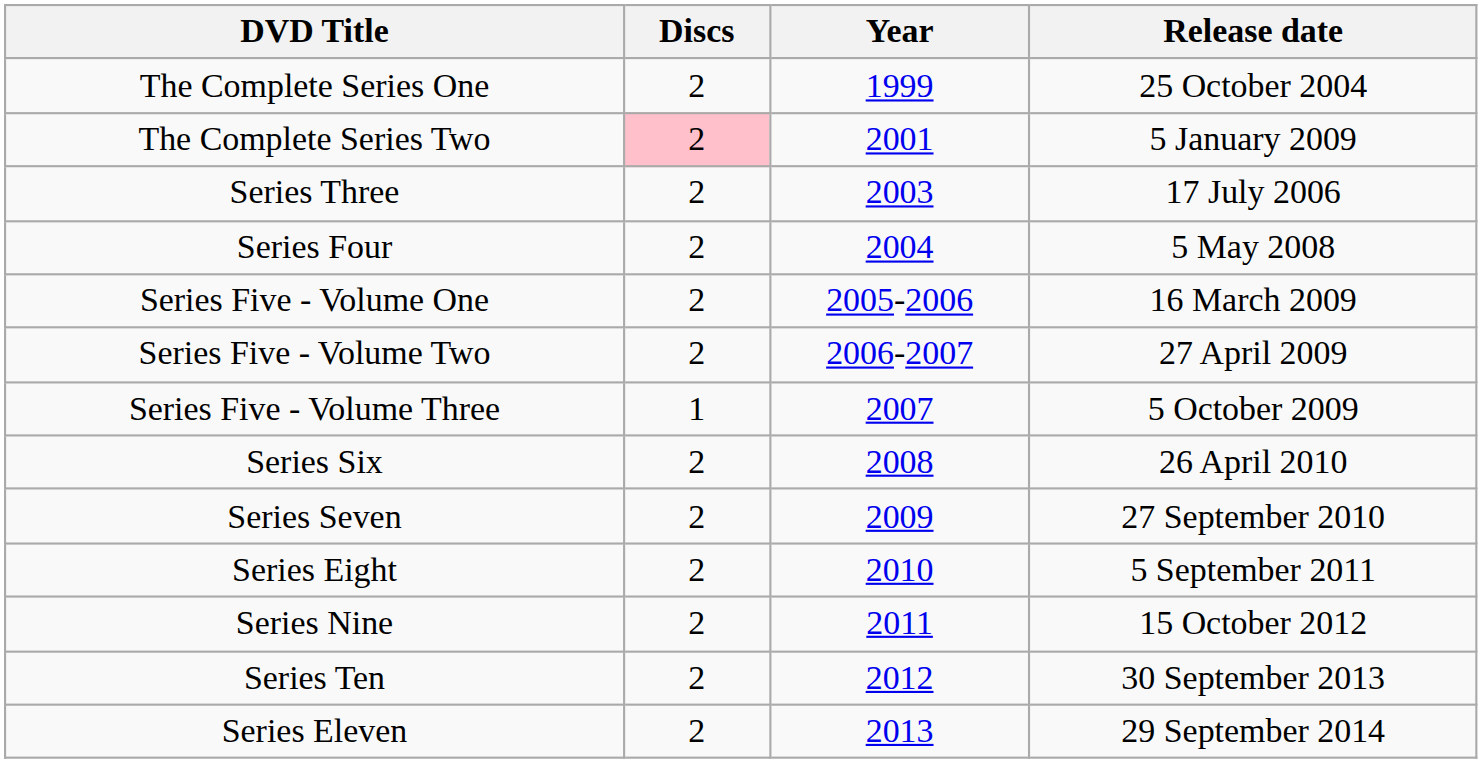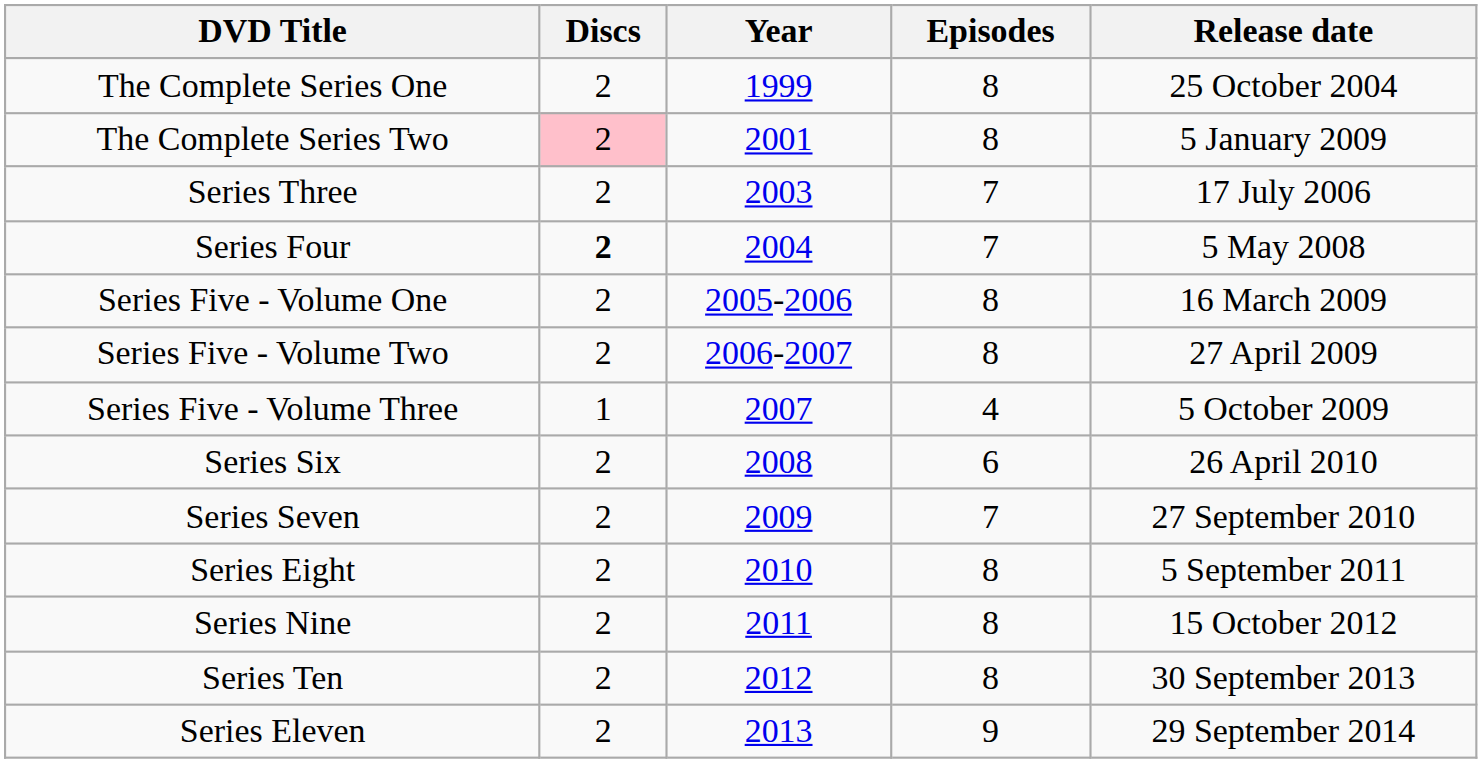 <table class="wikitable" width="55%" style="left: 0 auto; text-align: center;">
 <tr>
 <th>DVD Title</th>
 <th>Discs</th>
 <th>Year</th>
+<th>Episodes</th>
 <th>Release date</th>
 </tr>
 <tr>
 <td>The Complete Series One</td>
 <td>2</td>
 <td><a href='#'>1999</a></td>
+<td>8</td>
 <td>25 October 2004</td>
 </tr>
 <tr>
 <td>The Complete Series Two</td>
 <td style="background: pink;">2</td>
 <td><a href='#'>2001</a></td>
+<td>8</td>
 <td>5 January 2009</td>
 </tr>
 <tr>
 <td>Series Three</td>
 <td>2</td>
 <td><a href='#'>2003</a></td>
+<td>7</td>
 <td>17 July 2006</td>
 </tr>
 <tr>
 <td>Series Four</td>
-<td>2</td>
+<td><strong>2</strong></td>
 <td><a href='#'>2004</a></td>
+<td>7</td>
 <td>5 May 2008</td>
 </tr>
 <tr>
 <td>Series Five - Volume One</td>
 <td>2</td>
 <td><a href='#'>2005</a>-<a href='#'>2006</a></td>
+<td>8</td>
 <td>16 March 2009</td>
 </tr>
 <tr>
 <td>Series Five - Volume Two</td>
 <td>2</td>
 <td><a href='#'>2006</a>-<a href='#'>2007</a></td>
+<td>8</td>
 <td>27 April 2009</td>
 </tr>
 <tr>
 <td>Series Five - Volume Three</td>
 <td>1</td>
 <td><a href='#'>2007</a></td>
+<td>4</td>
 <td>5 October 2009</td>
 </tr>
 <tr>
 <td>Series Six</td>
 <td>2</td>
 <td><a href='#'>2008</a></td>
+<td>6</td>
 <td>26 April 2010</td>
 </tr>
 <tr>
 <td>Series Seven</td>
 <td>2</td>
 <td><a href='#'>2009</a></td>
+<td>7</td>
 <td>27 September 2010</td>
 </tr>
 <tr>
 <td>Series Eight</td>
 <td>2</td>
 <td><a href='#'>2010</a></td>
+<td>8</td>
 <td>5 September 2011</td>
 </tr>
 <tr>
 <td>Series Nine</td>
 <td>2</td>
 <td><a href='#'>2011</a></td>
+<td>8</td>
 <td>15 October 2012</td>
 </tr>
 <tr>
 <td>Series Ten</td>
 <td>2</td>
 <td><a href='#'>2012</a></td>
+<td>8</td>
 <td>30 September 2013</td>
 </tr>
 <tr>
 <td>Series Eleven</td>
 <td>2</td>
 <td><a href='#'>2013</a></td>
+<td>9</td>
 <td>29 September 2014</td>
 </tr>
 </table>
